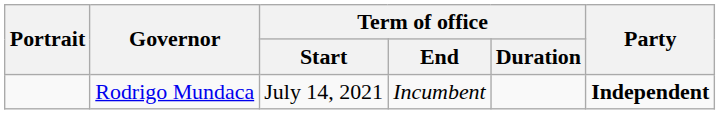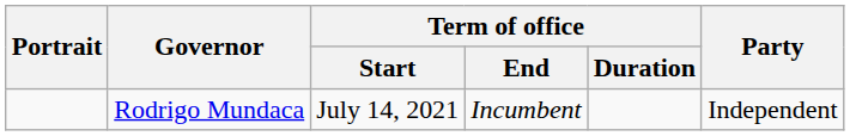 <table class="wikitable">
 <tr>
 <th rowspan="2">Portrait</th>
 <th rowspan="2">Governor</th>
 <th colspan="3">Term of office</th>
 <th rowspan="2">Party</th>
 </tr>
 <tr>
 <th>Start</th>
 <th>End</th>
 <th>Duration</th>
 </tr>
 <tr>
 <td></td>
 <td><a href='#'>Rodrigo Mundaca</a></td>
 <td>July 14, 2021</td>
 <td><em>Incumbent</em></td>
 <td></td>
-<td><strong>Independent</strong></td>
+<td>Independent</td>
 </tr>
 </table>
